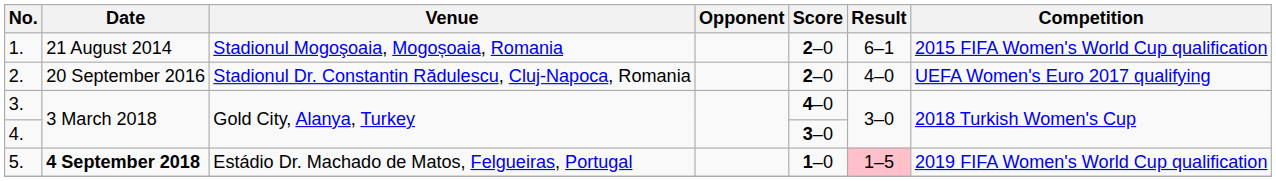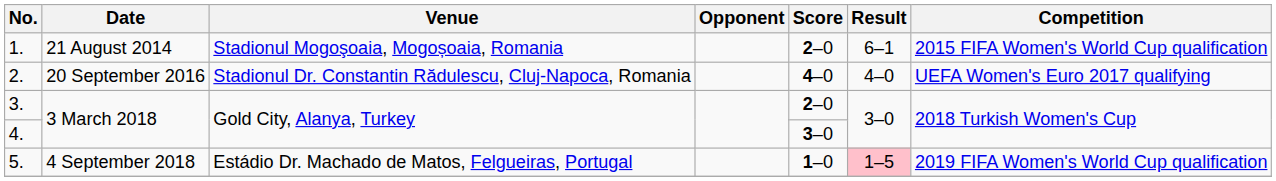 <table class="wikitable">
 <tr>
 <th>No.</th>
 <th>Date</th>
 <th>Venue</th>
 <th>Opponent</th>
 <th>Score</th>
 <th>Result</th>
 <th>Competition</th>
 </tr>
 <tr>
 <td>1.</td>
 <td>21 August 2014</td>
 <td><a href='#'>Stadionul Mogoşoaia</a>, <a href='#'>Mogoșoaia</a>, <a href='#'>Romania</a></td>
 <td></td>
 <td align=center><strong>2</strong>–0</td>
 <td align=center>6–1</td>
 <td><a href='#'>2015 FIFA Women's World Cup qualification</a></td>
 </tr>
 <tr>
 <td>2.</td>
 <td>20 September 2016</td>
 <td><a href='#'>Stadionul Dr. Constantin Rădulescu</a>, <a href='#'>Cluj-Napoca</a>, Romania</td>
 <td></td>
-<td align=center><strong>2</strong>–0</td>
+<td align=center><strong>4</strong>–0</td>
 <td align=center>4–0</td>
 <td><a href='#'>UEFA Women's Euro 2017 qualifying</a></td>
 </tr>
 <tr>
 <td>3.</td>
 <td rowspan=2>3 March 2018</td>
 <td rowspan=2>Gold City, <a href='#'>Alanya</a>, <a href='#'>Turkey</a></td>
 <td rowspan=2></td>
-<td align=center><strong>4</strong>–0</td>
+<td align=center><strong>2</strong>–0</td>
 <td rowspan=2 align=center>3–0</td>
 <td rowspan=2><a href='#'>2018 Turkish Women's Cup</a></td>
 </tr>
 <tr>
 <td>4.</td>
 <td align=center><strong>3</strong>–0</td>
 </tr>
 <tr>
 <td>5.</td>
-<td><strong>4 September 2018</strong></td>
+<td>4 September 2018</td>
 <td>Estádio Dr. Machado de Matos, <a href='#'>Felgueiras</a>, <a href='#'>Portugal</a></td>
 <td></td>
 <td align=center><strong>1</strong>–0</td>
 <td align=center style="background: pink;">1–5</td>
 <td><a href='#'>2019 FIFA Women's World Cup qualification</a></td>
 </tr>
 <tr>
 </tr>
 </table>
